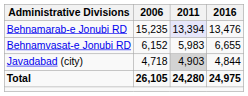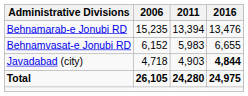 <table class="wikitable">
 <tr>
 <th>Administrative Divisions</th>
 <th>2006</th>
 <th>2011</th>
 <th>2016</th>
 </tr>
 <tr>
 <td><a href='#'>Behnamarab-e Jonubi RD</a></td>
 <td style="text-align: right;">15,235</td>
-<td style="background: lavender; text-align: right;">13,394</td>
+<td style="text-align: right;">13,394</td>
 <td style="text-align: right;">13,476</td>
 </tr>
 <tr>
 <td><a href='#'>Behnamvasat-e Jonubi RD</a></td>
 <td style="text-align: right;">6,152</td>
 <td style="text-align: right;">5,983</td>
 <td style="text-align: right;">6,655</td>
 </tr>
 <tr>
 <td><a href='#'>Javadabad</a> (city)</td>
 <td style="text-align: right;">4,718</td>
-<td style="background: lightgrey; text-align: right;">4,903</td>
-<td style="text-align: right;">4,844</td>
+<td style="text-align: right;">4,903</td>
+<td style="text-align: right;"><strong>4,844</strong></td>
 </tr>
 <tr>
 <td><strong>Total</strong></td>
 <td style="text-align: right;"><strong>26,105</strong></td>
 <td style="text-align: right;"><strong>24,280</strong></td>
 <td style="text-align: right;"><strong>24,975</strong></td>
 </tr>
 <tr>
 <td colspan=4></td>
 </tr>
 </table>
